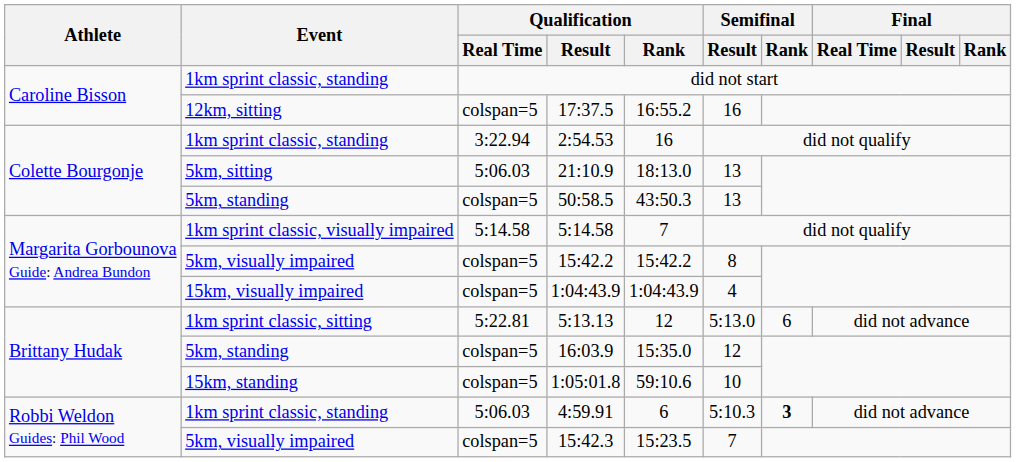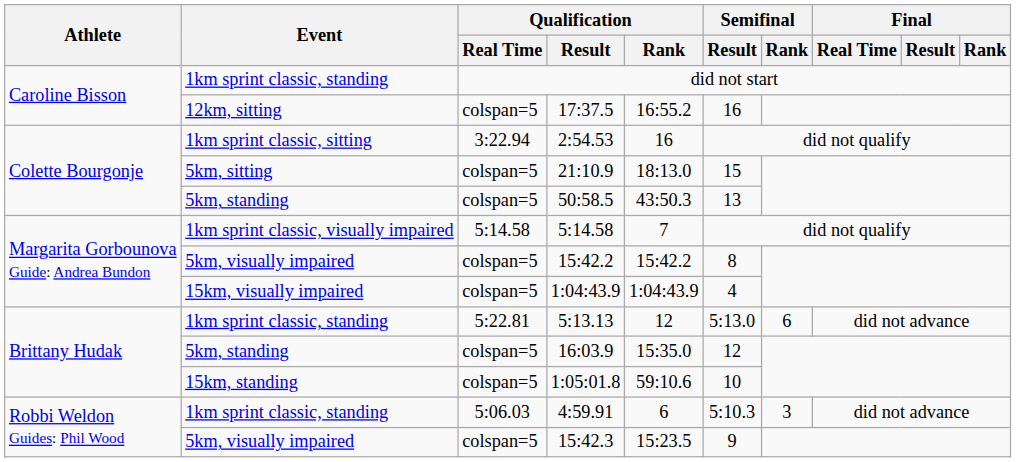 <table class="wikitable" style="font-size:90%">
 <tr>
 <th rowspan="2">Athlete</th>
 <th rowspan="2">Event</th>
 <th colspan="3">Qualification</th>
 <th colspan="2">Semifinal</th>
 <th colspan="3">Final</th>
 </tr>
 <tr>
 <th>Real Time</th>
 <th>Result</th>
 <th>Rank</th>
 <th>Result</th>
 <th>Rank</th>
 <th>Real Time</th>
 <th>Result</th>
 <th>Rank</th>
 </tr>
 <tr>
 <td rowspan=2><a href='#'>Caroline Bisson</a></td>
 <td><a href='#'>1km sprint classic, standing</a></td>
 <td colspan=8 align="center">did not start</td>
 </tr>
 <tr>
 <td><a href='#'>12km, sitting</a></td>
 <td>colspan=5 </td>
 <td align="center">17:37.5</td>
 <td align="center">16:55.2</td>
 <td align="center">16</td>
 </tr>
 <tr>
 <td rowspan=3><a href='#'>Colette Bourgonje</a></td>
-<td><a href='#'>1km sprint classic, standing</a></td>
+<td><a href='#'>1km sprint classic, sitting</a></td>
 <td align="center">3:22.94</td>
 <td align="center">2:54.53</td>
 <td align="center">16</td>
 <td colspan=5 align="center">did not qualify</td>
 </tr>
 <tr>
 <td><a href='#'>5km, sitting</a></td>
-<td align="center">5:06.03</td>
+<td>colspan=5 </td>
 <td align="center">21:10.9</td>
 <td align="center">18:13.0</td>
-<td align="center">13</td>
+<td align="center">15</td>
 </tr>
 <tr>
 <td><a href='#'>5km, standing</a></td>
 <td>colspan=5 </td>
 <td align="center">50:58.5</td>
 <td align="center">43:50.3</td>
 <td align="center">13</td>
 </tr>
 <tr>
 <td rowspan=3><a href='#'>Margarita Gorbounova</a><br><small><a href='#'>Guide</a>: <a href='#'>Andrea Bundon</a></small></td>
 <td><a href='#'>1km sprint classic, visually impaired</a></td>
 <td align="center">5:14.58</td>
 <td align="center">5:14.58</td>
 <td align="center">7</td>
 <td colspan=5 align="center">did not qualify</td>
 </tr>
 <tr>
 <td><a href='#'>5km, visually impaired</a></td>
 <td>colspan=5 </td>
 <td align="center">15:42.2</td>
 <td align="center">15:42.2</td>
 <td align="center">8</td>
 </tr>
 <tr>
 <td><a href='#'>15km, visually impaired</a></td>
 <td>colspan=5 </td>
 <td align="center">1:04:43.9</td>
 <td align="center">1:04:43.9</td>
 <td align="center">4</td>
 </tr>
 <tr>
 <td rowspan=3><a href='#'>Brittany Hudak</a></td>
-<td><a href='#'>1km sprint classic, sitting</a></td>
+<td><a href='#'>1km sprint classic, standing</a></td>
 <td align="center">5:22.81</td>
 <td align="center">5:13.13</td>
 <td align="center">12</td>
 <td align="center">5:13.0</td>
 <td align="center">6</td>
 <td colspan=3 align="center">did not advance</td>
 </tr>
 <tr>
 <td><a href='#'>5km, standing</a></td>
 <td>colspan=5 </td>
 <td align="center">16:03.9</td>
 <td align="center">15:35.0</td>
 <td align="center">12</td>
 </tr>
 <tr>
 <td><a href='#'>15km, standing</a></td>
 <td>colspan=5 </td>
 <td align="center">1:05:01.8</td>
 <td align="center">59:10.6</td>
 <td align="center">10</td>
 </tr>
 <tr>
 <td rowspan=2><a href='#'>Robbi Weldon</a><br><small><a href='#'>Guides</a>: <a href='#'>Phil Wood</a></small></td>
 <td><a href='#'>1km sprint classic, standing</a></td>
 <td align="center">5:06.03</td>
 <td align="center">4:59.91</td>
 <td align="center">6</td>
 <td align="center">5:10.3</td>
-<td align="center"><strong>3</strong></td>
+<td align="center">3</td>
 <td colspan=3 align="center">did not advance</td>
 </tr>
 <tr>
 <td><a href='#'>5km, visually impaired</a></td>
 <td>colspan=5 </td>
 <td align="center">15:42.3</td>
 <td align="center">15:23.5</td>
-<td align="center">7</td>
+<td align="center">9</td>
 </tr>
 </table>
